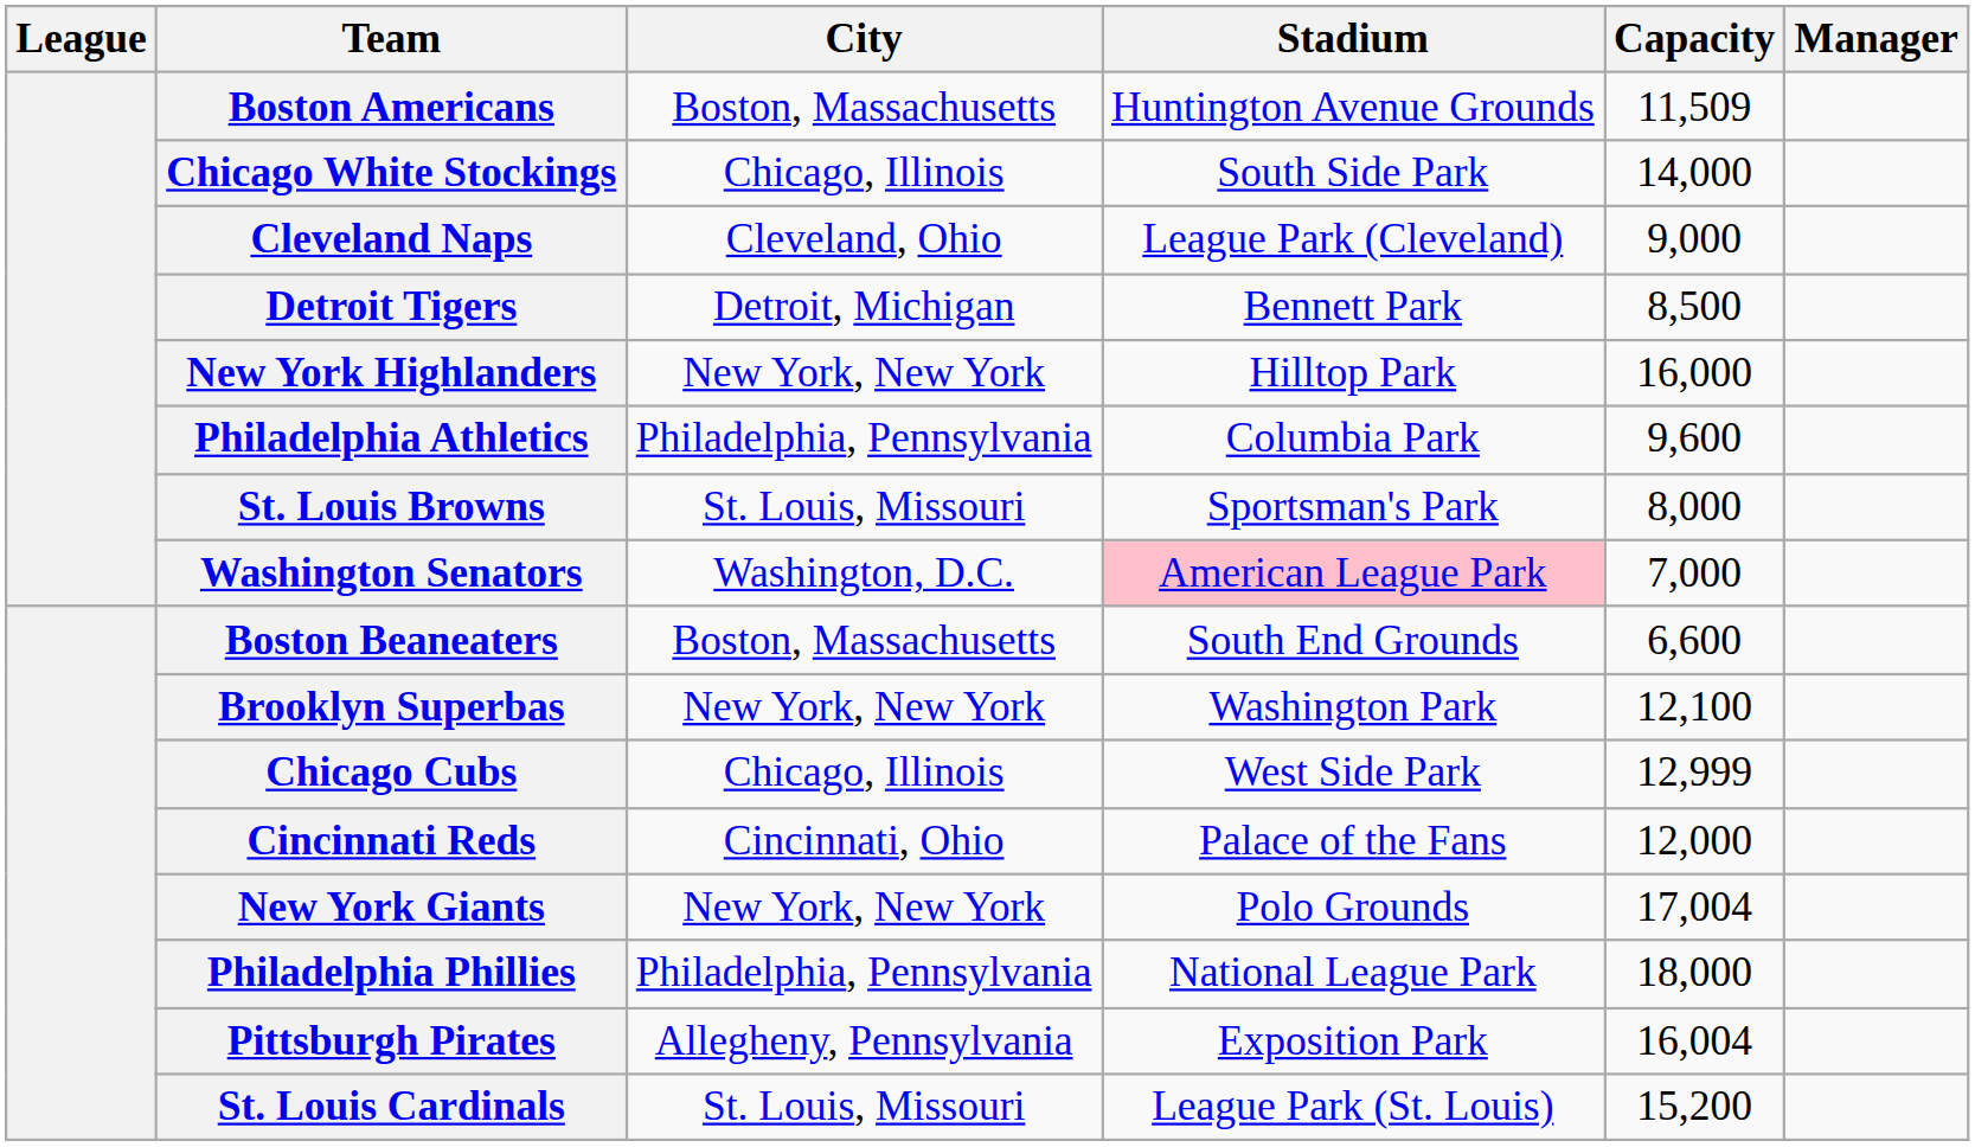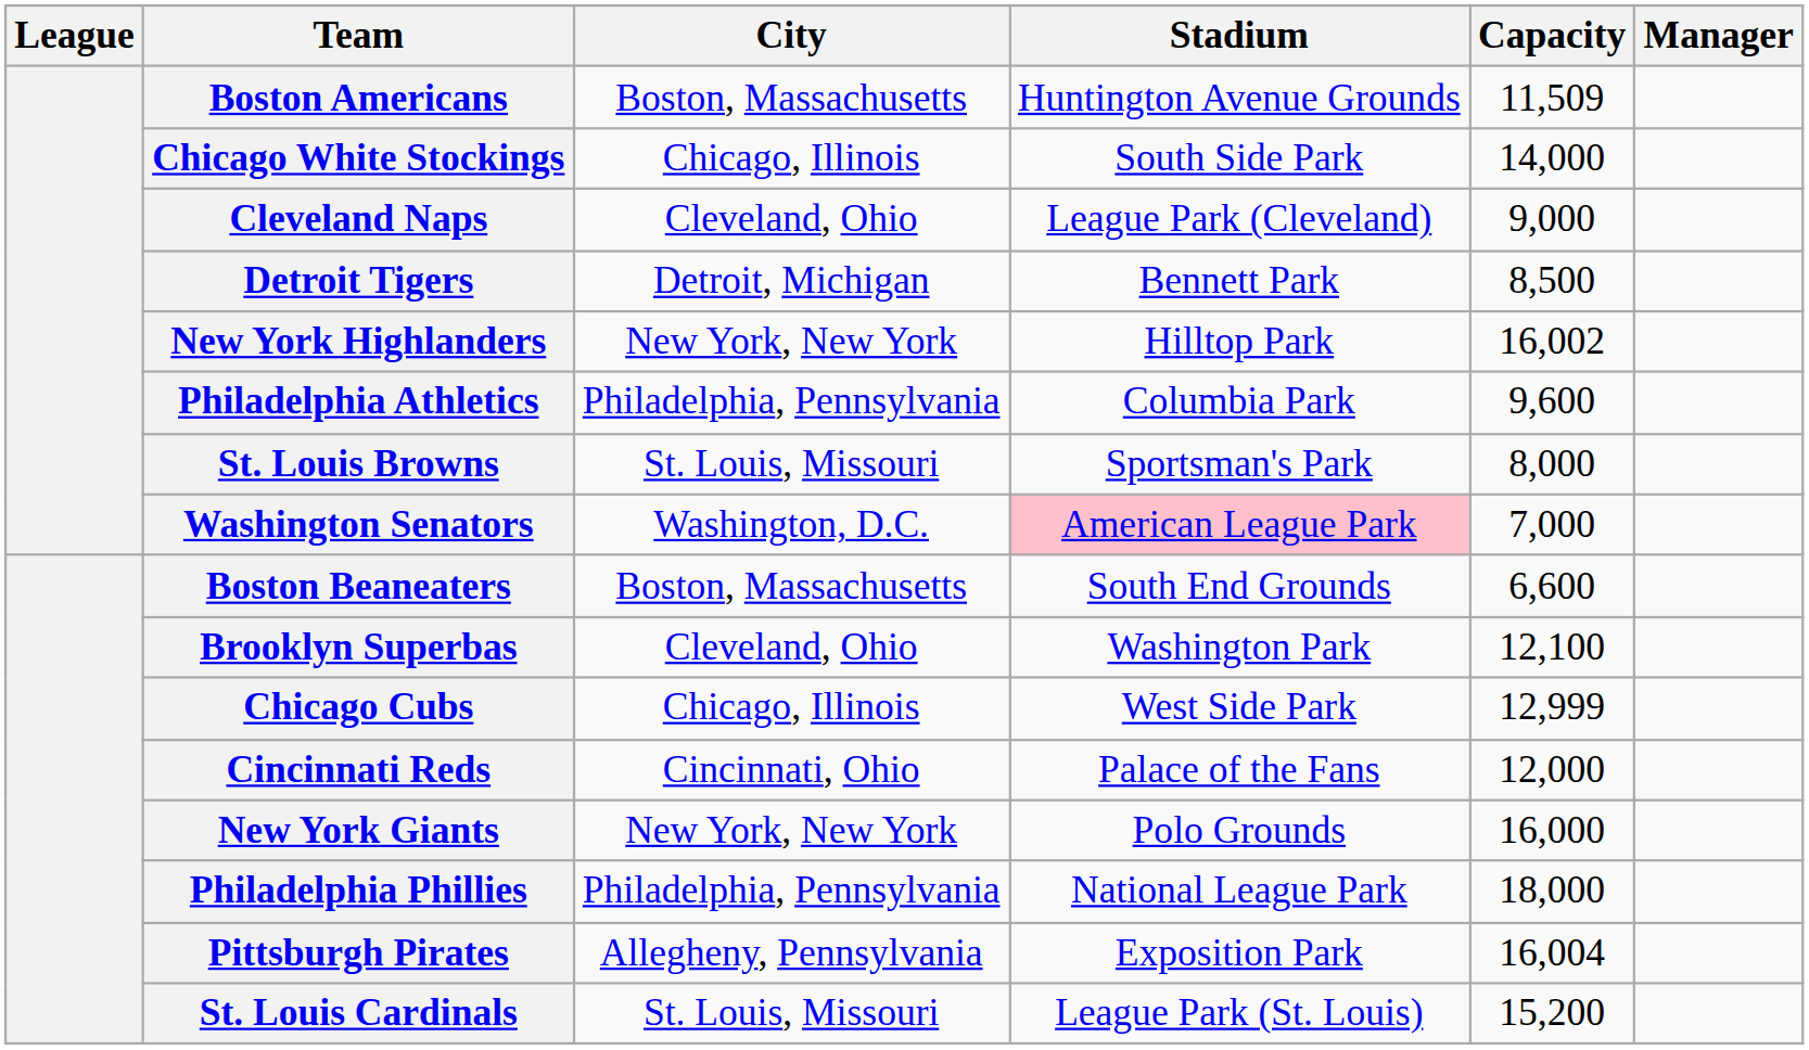 <table class="wikitable sortable plainrowheaders" style="text-align:center;">
 <tr>
 <th scope="col">League</th>
 <th scope="col">Team</th>
 <th scope="col">City</th>
 <th scope="col">Stadium</th>
 <th scope="col">Capacity</th>
 <th scope="col">Manager</th>
 </tr>
 <tr>
 <th rowspan="8"></th>
 <th scope="row"><a href='#'>Boston Americans</a></th>
 <td><a href='#'>Boston</a>, <a href='#'>Massachusetts</a></td>
 <td><a href='#'>Huntington Avenue Grounds</a></td>
 <td>11,509</td>
 <td></td>
 </tr>
 <tr>
 <th scope="row"><a href='#'>Chicago White Stockings</a></th>
 <td><a href='#'>Chicago</a>, <a href='#'>Illinois</a></td>
 <td><a href='#'>South Side Park</a></td>
 <td>14,000</td>
 <td></td>
 </tr>
 <tr>
 <th scope="row"><a href='#'>Cleveland Naps</a></th>
 <td><a href='#'>Cleveland</a>, <a href='#'>Ohio</a></td>
 <td><a href='#'>League Park (Cleveland)</a></td>
 <td>9,000</td>
 <td></td>
 </tr>
 <tr>
 <th scope="row"><a href='#'>Detroit Tigers</a></th>
 <td><a href='#'>Detroit</a>, <a href='#'>Michigan</a></td>
 <td><a href='#'>Bennett Park</a></td>
 <td>8,500</td>
 <td></td>
 </tr>
 <tr>
 <th scope="row"><a href='#'>New York Highlanders</a></th>
 <td><a href='#'>New York</a>, <a href='#'>New York</a></td>
 <td><a href='#'>Hilltop Park</a></td>
-<td>16,000</td>
+<td>16,002</td>
 <td></td>
 </tr>
 <tr>
 <th scope="row"><a href='#'>Philadelphia Athletics</a></th>
 <td><a href='#'>Philadelphia</a>, <a href='#'>Pennsylvania</a></td>
 <td><a href='#'>Columbia Park</a></td>
 <td>9,600</td>
 <td></td>
 </tr>
 <tr>
 <th scope="row"><a href='#'>St. Louis Browns</a></th>
 <td><a href='#'>St. Louis</a>, <a href='#'>Missouri</a></td>
 <td><a href='#'>Sportsman's Park</a></td>
 <td>8,000</td>
 <td></td>
 </tr>
 <tr>
 <th scope="row"><a href='#'>Washington Senators</a></th>
 <td><a href='#'>Washington, D.C.</a></td>
 <td style="background: pink;"><a href='#'>American League Park</a></td>
 <td>7,000</td>
 <td></td>
 </tr>
 <tr>
 <th rowspan="8"></th>
 <th scope="row"><a href='#'>Boston Beaneaters</a></th>
 <td><a href='#'>Boston</a>, <a href='#'>Massachusetts</a></td>
 <td><a href='#'>South End Grounds</a></td>
 <td>6,600</td>
 <td></td>
 </tr>
 <tr>
 <th scope="row"><a href='#'>Brooklyn Superbas</a></th>
-<td><a href='#'>New York</a>, <a href='#'>New York</a></td>
+<td><a href='#'>Cleveland</a>, <a href='#'>Ohio</a></td>
 <td><a href='#'>Washington Park</a></td>
 <td>12,100</td>
 <td></td>
 </tr>
 <tr>
 <th scope="row"><a href='#'>Chicago Cubs</a></th>
 <td><a href='#'>Chicago</a>, <a href='#'>Illinois</a></td>
 <td><a href='#'>West Side Park</a></td>
 <td>12,999</td>
 <td></td>
 </tr>
 <tr>
 <th scope="row"><a href='#'>Cincinnati Reds</a></th>
 <td><a href='#'>Cincinnati</a>, <a href='#'>Ohio</a></td>
 <td><a href='#'>Palace of the Fans</a></td>
 <td>12,000</td>
 <td></td>
 </tr>
 <tr>
 <th scope="row"><a href='#'>New York Giants</a></th>
 <td><a href='#'>New York</a>, <a href='#'>New York</a></td>
 <td><a href='#'>Polo Grounds</a></td>
-<td>17,004</td>
+<td>16,000</td>
 <td></td>
 </tr>
 <tr>
 <th scope="row"><a href='#'>Philadelphia Phillies</a></th>
 <td><a href='#'>Philadelphia</a>, <a href='#'>Pennsylvania</a></td>
 <td><a href='#'>National League Park</a></td>
 <td>18,000</td>
 <td></td>
 </tr>
 <tr>
 <th scope="row"><a href='#'>Pittsburgh Pirates</a></th>
 <td><a href='#'>Allegheny</a>, <a href='#'>Pennsylvania</a></td>
 <td><a href='#'>Exposition Park</a></td>
 <td>16,004</td>
 <td></td>
 </tr>
 <tr>
 <th scope="row"><a href='#'>St. Louis Cardinals</a></th>
 <td><a href='#'>St. Louis</a>, <a href='#'>Missouri</a></td>
 <td><a href='#'>League Park (St. Louis)</a></td>
 <td>15,200</td>
 <td></td>
 </tr>
 </table>
